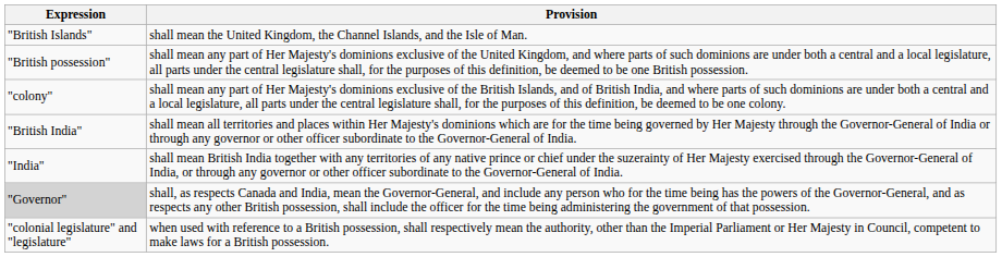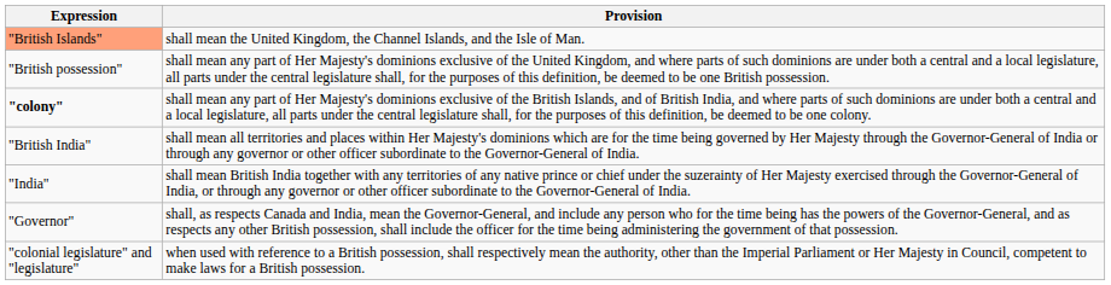 <table class="wikitable">
 <tr>
 <th>Expression</th>
 <th>Provision</th>
 </tr>
 <tr>
-<td>"British Islands"</td>
+<td style="background: lightsalmon;">"British Islands"</td>
 <td>shall mean the United Kingdom, the Channel Islands, and the Isle of Man.</td>
 </tr>
 <tr>
 <td>"British possession"</td>
 <td>shall mean any part of Her Majesty's dominions exclusive of the United Kingdom, and where parts of such dominions are under both a central and a local legislature, all parts under the central legislature shall, for the purposes of this definition, be deemed to be one British possession.</td>
 </tr>
 <tr>
-<td>"colony"</td>
+<td><strong>"colony"</strong></td>
 <td>shall mean any part of Her Majesty's dominions exclusive of the British Islands, and of British India, and where parts of such dominions are under both a central and a local legislature, all parts under the central legislature shall, for the purposes of this definition, be deemed to be one colony.</td>
 </tr>
 <tr>
 <td>"British India"</td>
 <td>shall mean all territories and places within Her Majesty's dominions which are for the time being governed by Her Majesty through the Governor-General of India or through any governor or other officer subordinate to the Governor-General of India.</td>
 </tr>
 <tr>
 <td>"India"</td>
 <td>shall mean British India together with any territories of any native prince or chief under the suzerainty of Her Majesty exercised through the Governor-General of India, or through any governor or other officer subordinate to the Governor-General of India.</td>
 </tr>
 <tr>
-<td style="background: lightgrey;">"Governor"</td>
+<td>"Governor"</td>
 <td>shall, as respects Canada and India, mean the Governor-General, and include any person who for the time being has the powers of the Governor-General, and as respects any other British possession, shall include the officer for the time being administering the government of that possession.</td>
 </tr>
 <tr>
 <td>"colonial legislature" and "legislature"</td>
 <td>when used with reference to a British possession, shall respectively mean the authority, other than the Imperial Parliament or Her Majesty in Council, competent to make laws for a British possession.</td>
 </tr>
 </table>
